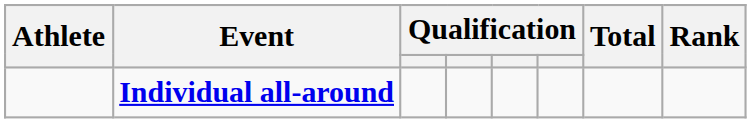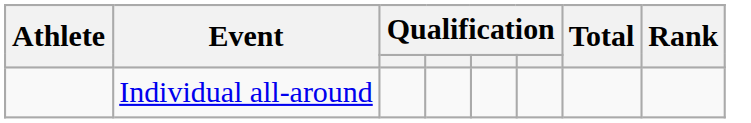 <table class="wikitable" style="font-size:90%">
 <tr>
 <th rowspan=2>Athlete</th>
 <th rowspan=2>Event</th>
 <th colspan=4>Qualification</th>
 <th rowspan=2>Total</th>
 <th rowspan=2>Rank</th>
 </tr>
 <tr style="font-size:95%">
 <th></th>
 <th></th>
 <th></th>
 <th></th>
 </tr>
 <tr align=center>
 <td align=left></td>
-<td align=left><strong><a href='#'>Individual all-around</a></strong></td>
+<td align=left><a href='#'>Individual all-around</a></td>
 <td></td>
 <td></td>
 <td></td>
 <td></td>
 <td></td>
 <td></td>
 </tr>
 </table>
